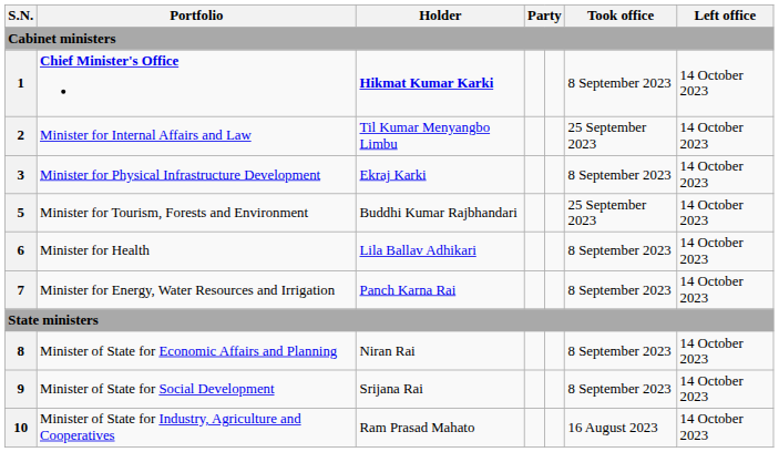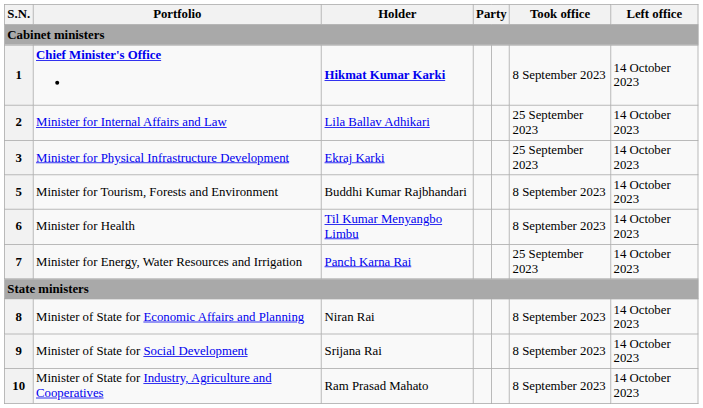 <table class="wikitable">
 <tr>
 <th>S.N.</th>
 <th>Portfolio</th>
 <th>Holder</th>
 <th colspan="2">Party</th>
 <th>Took office</th>
 <th>Left office</th>
 </tr>
 <tr>
 <td colspan="7" bgcolor="darkgrey"><strong>Cabinet ministers</strong></td>
 </tr>
 <tr>
 <th>1</th>
 <td><strong><a href='#'>Chief Minister's Office</a></strong><br><ul><li></li></ul></td>
 <td><strong><a href='#'>Hikmat Kumar Karki</a></strong></td>
 <td></td>
 <td></td>
 <td>8 September 2023</td>
 <td>14 October 2023</td>
 </tr>
 <tr>
 <th>2</th>
 <td><a href='#'>Minister for Internal Affairs and Law</a></td>
-<td><a href='#'>Til Kumar Menyangbo Limbu</a></td>
+<td><a href='#'>Lila Ballav Adhikari</a></td>
 <td></td>
 <td></td>
 <td>25 September 2023</td>
 <td>14 October 2023</td>
 </tr>
 <tr>
 <th>3</th>
 <td><a href='#'>Minister for Physical Infrastructure Development</a></td>
 <td><a href='#'>Ekraj Karki</a></td>
 <td></td>
 <td></td>
-<td>8 September 2023</td>
+<td>25 September 2023</td>
 <td>14 October 2023</td>
 </tr>
 <tr>
 <th>5</th>
 <td>Minister for Tourism, Forests and Environment</td>
 <td>Buddhi Kumar Rajbhandari</td>
 <td></td>
 <td></td>
-<td>25 September 2023</td>
+<td>8 September 2023</td>
 <td>14 October 2023</td>
 </tr>
 <tr>
 <th>6</th>
 <td>Minister for Health</td>
-<td><a href='#'>Lila Ballav Adhikari</a></td>
+<td><a href='#'>Til Kumar Menyangbo Limbu</a></td>
 <td></td>
 <td></td>
 <td>8 September 2023</td>
 <td>14 October 2023</td>
 </tr>
 <tr>
 <th>7</th>
 <td>Minister for Energy, Water Resources and Irrigation</td>
 <td><a href='#'>Panch Karna Rai</a></td>
 <td></td>
 <td></td>
-<td>8 September 2023</td>
+<td>25 September 2023</td>
 <td>14 October 2023</td>
 </tr>
 <tr>
 <td colspan="7" bgcolor="darkgrey"><strong>State ministers</strong></td>
 </tr>
 <tr>
 <th>8</th>
 <td>Minister of State for <a href='#'>Economic Affairs and Planning</a></td>
 <td>Niran Rai</td>
 <td></td>
 <td></td>
 <td>8 September 2023</td>
 <td>14 October 2023</td>
 </tr>
 <tr>
 <th>9</th>
 <td>Minister of State for <a href='#'>Social Development</a></td>
 <td>Srijana Rai</td>
 <td></td>
 <td></td>
 <td>8 September 2023</td>
 <td>14 October 2023</td>
 </tr>
 <tr>
 <th>10</th>
 <td>Minister of State for <a href='#'>Industry, Agriculture and Cooperatives</a></td>
 <td>Ram Prasad Mahato</td>
 <td></td>
 <td></td>
-<td>16 August 2023</td>
+<td>8 September 2023</td>
 <td>14 October 2023</td>
 </tr>
 </table>
